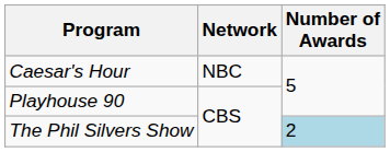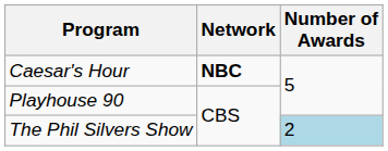 <table class="wikitable">
 <tr>
 <th>Program</th>
 <th>Network</th>
 <th>Number of<br>Awards</th>
 </tr>
 <tr>
 <td><em>Caesar's Hour</em></td>
-<td>NBC</td>
+<td><strong>NBC</strong></td>
 <td rowspan="2">5</td>
 </tr>
 <tr>
 <td><em>Playhouse 90</em></td>
 <td rowspan="2">CBS</td>
 </tr>
 <tr>
 <td><em>The Phil Silvers Show</em></td>
 <td style="background: lightblue;">2</td>
 </tr>
 </table>
